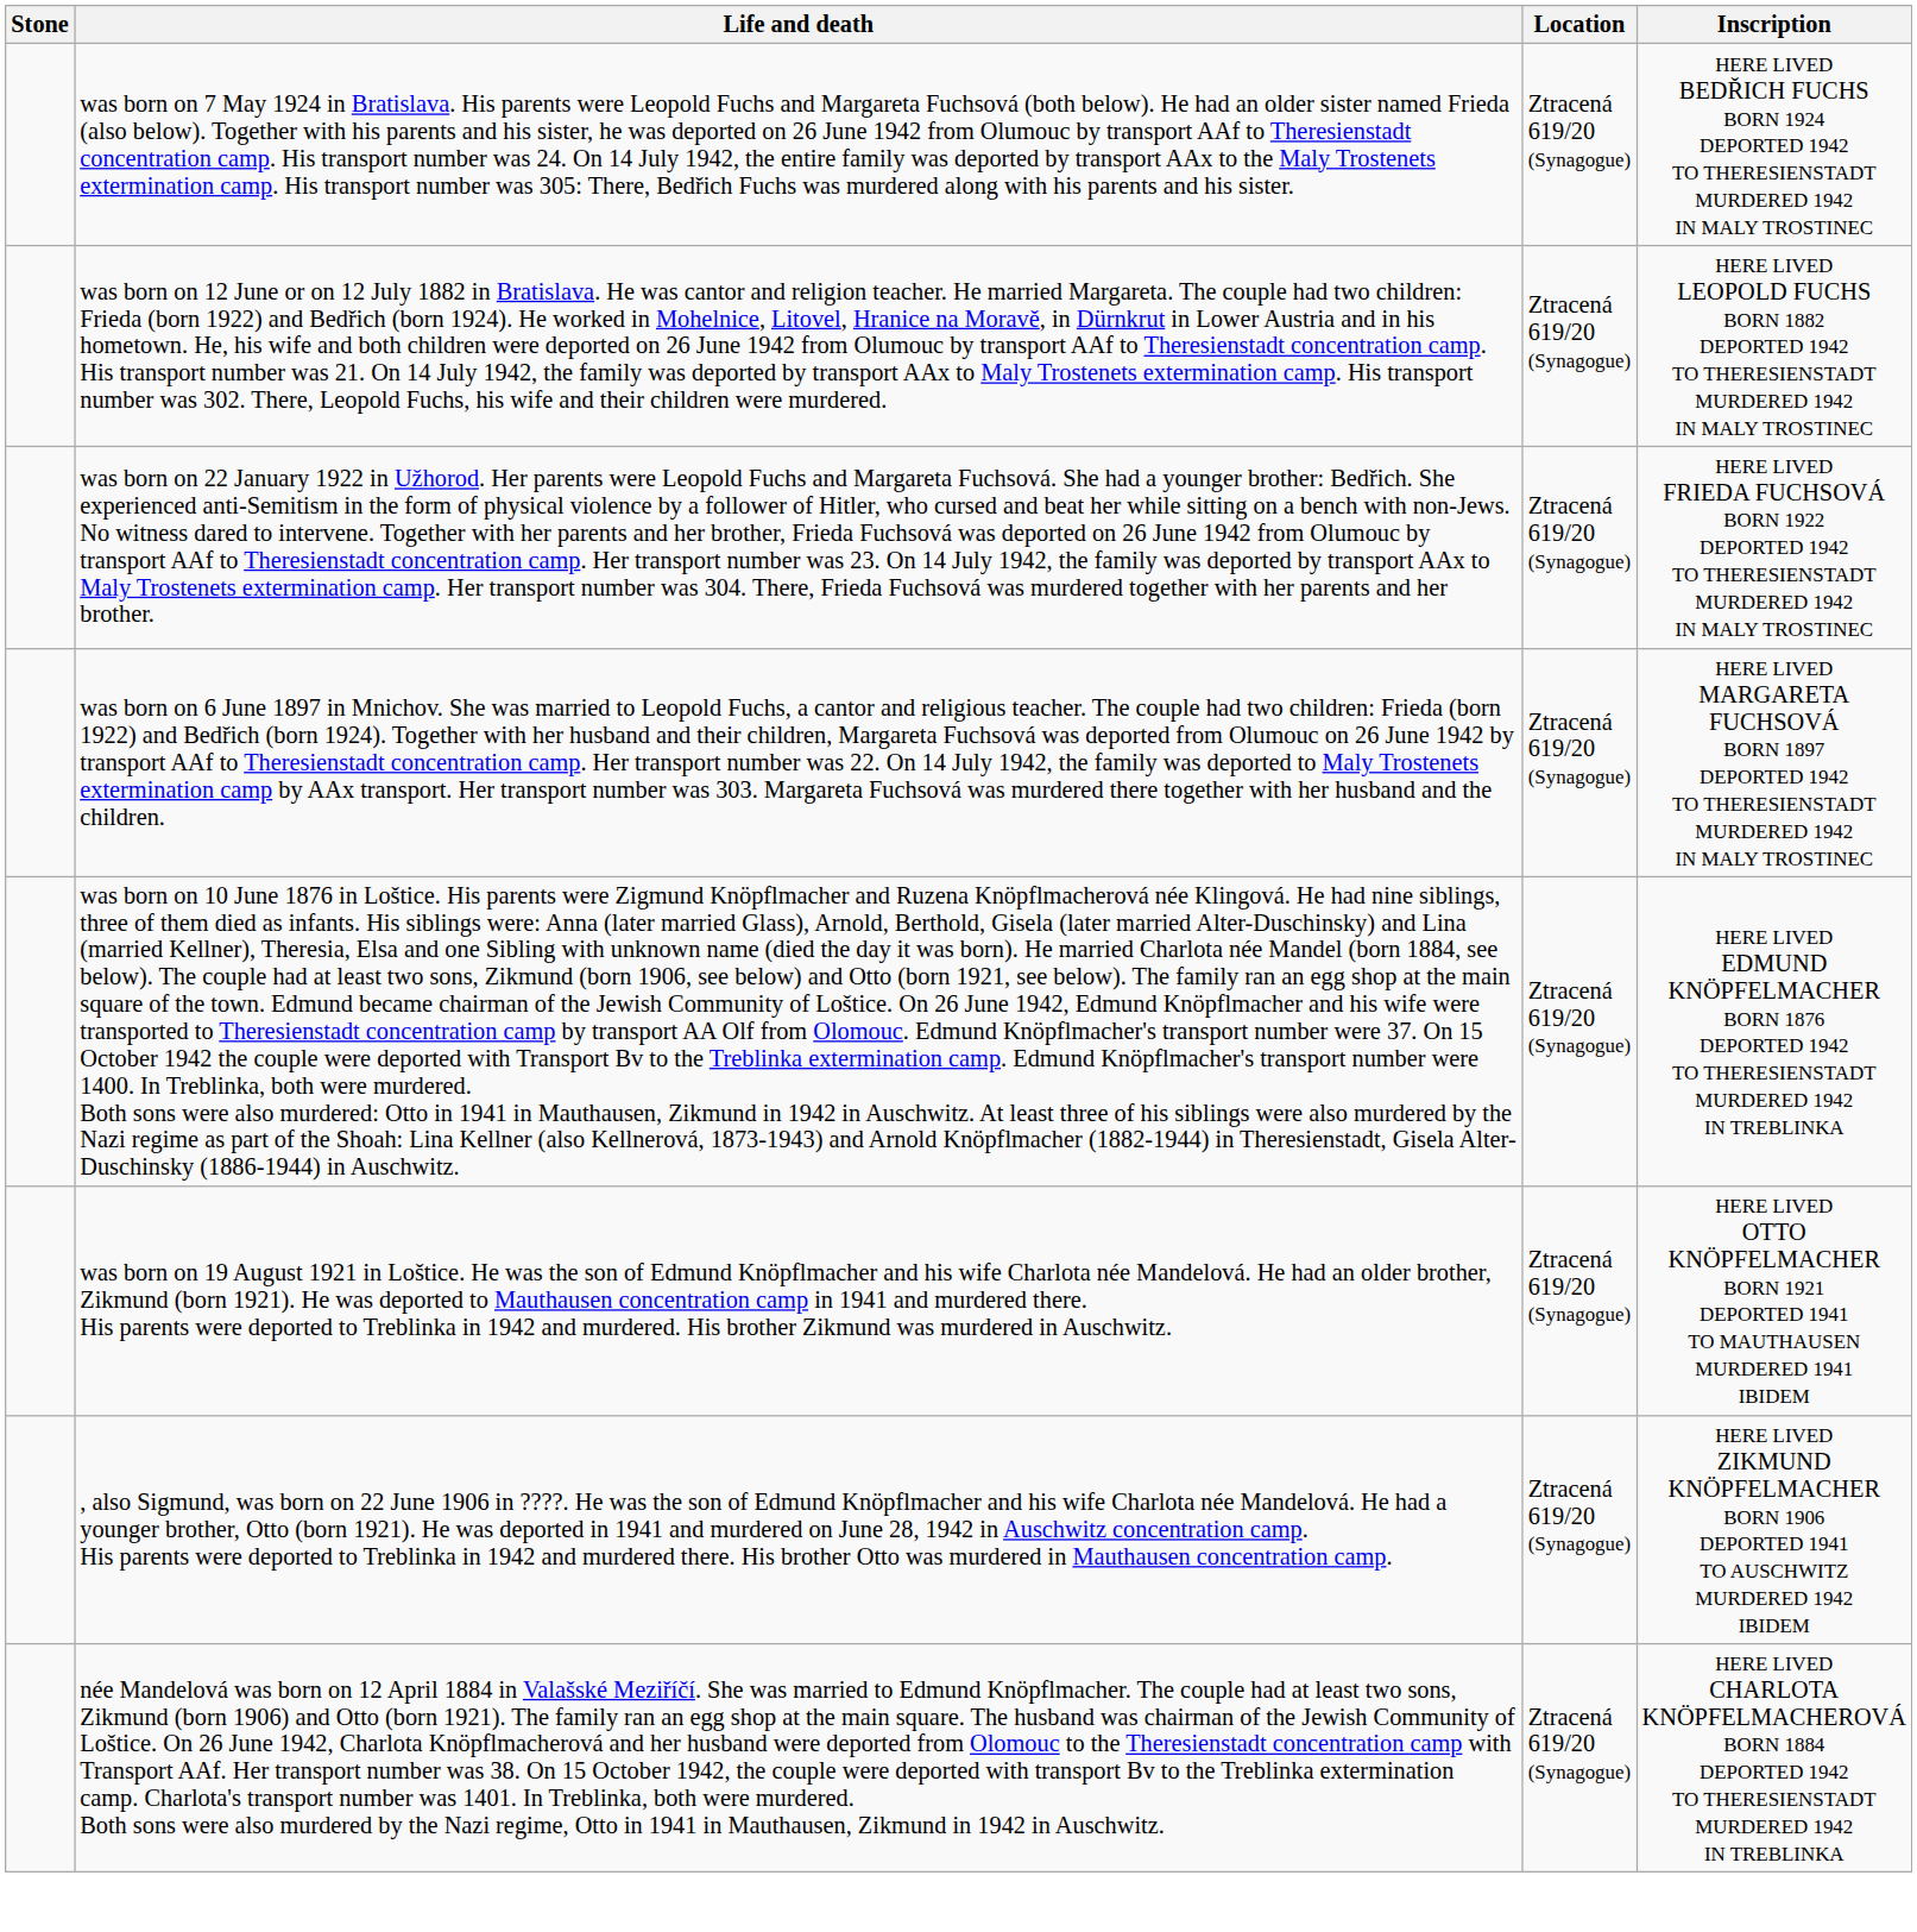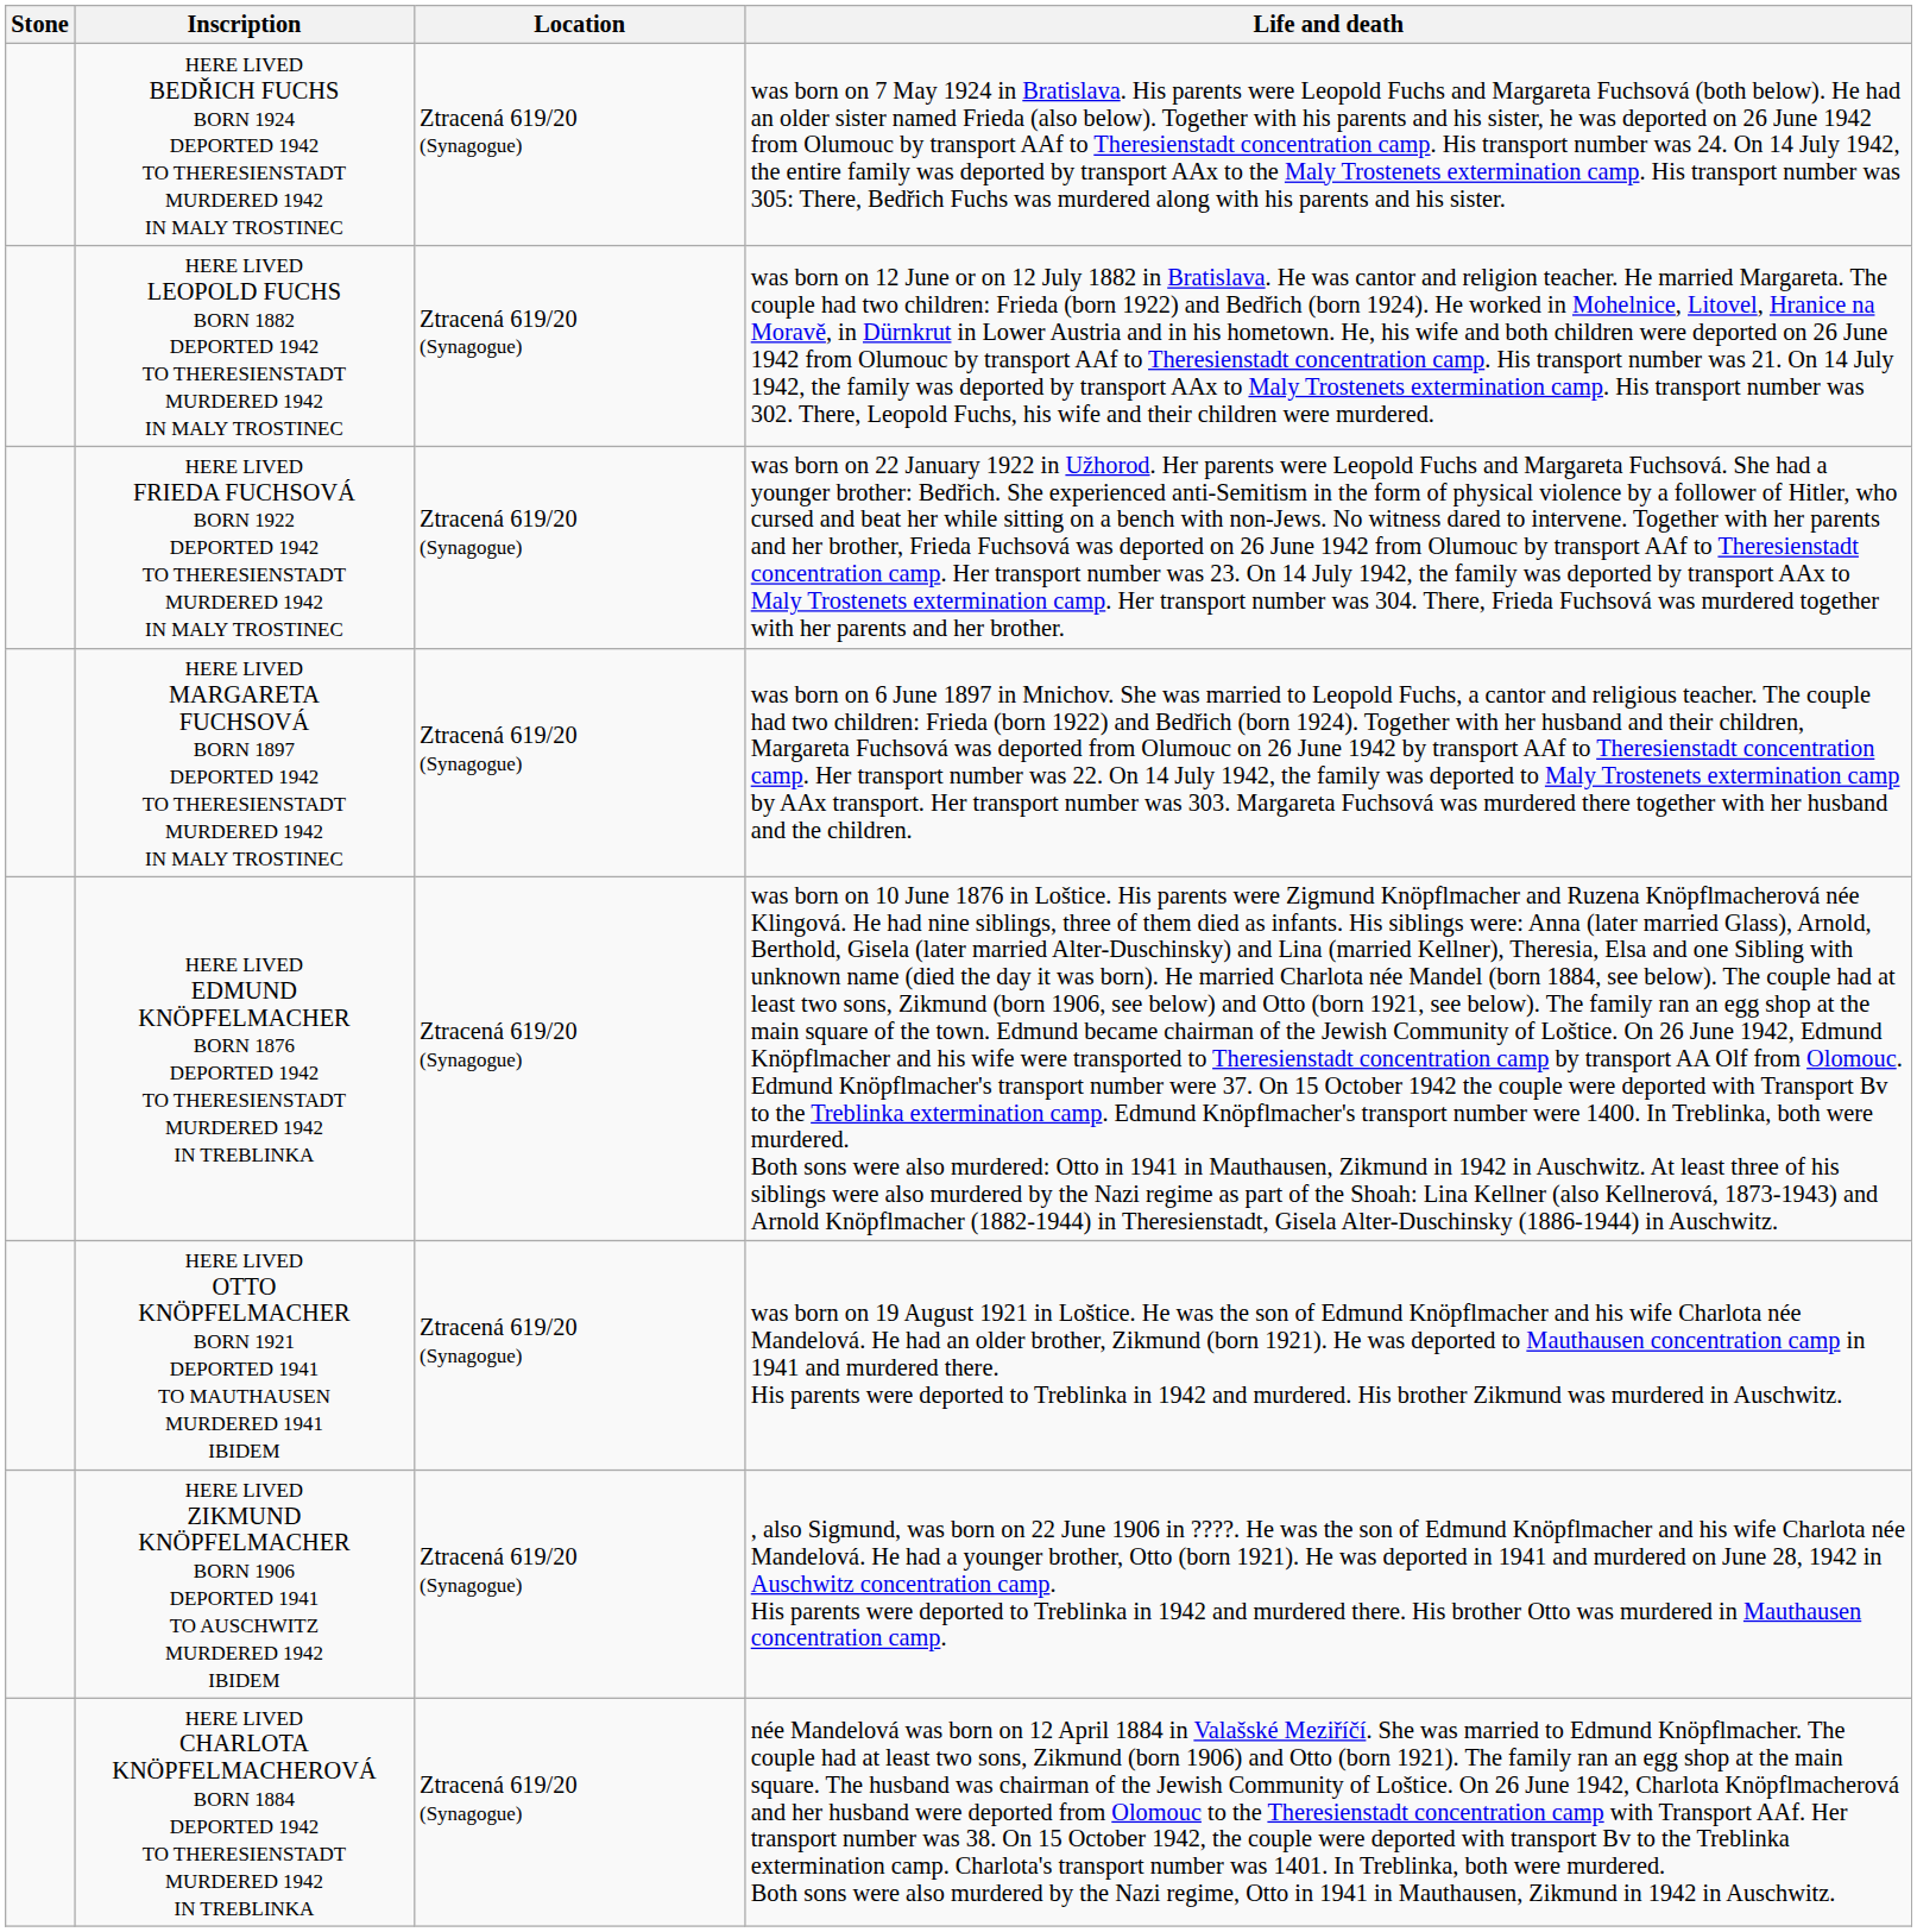 <table class="wikitable sortable toptextcells" style="width:100%">
 <tr>
 <th class="hintergrundfarbe6 unsortable" width="120px">Stone</th>
+<th class="hintergrundfarbe6" style ="width:18%;">Inscription</th>
+<th class="hintergrundfarbe6" data-sort-type="text" style ="width:18%;">Location</th>
 <th class="hintergrundfarbe6" style="width:100%;">Life and death</th>
-<th class="hintergrundfarbe6" data-sort-type="text" style ="width:18%;">Location</th>
-<th class="hintergrundfarbe6" style ="width:18%;">Inscription</th>
 </tr>
 <tr>
 <td></td>
+<td style="text-align:center"><div><small>HERE LIVED</small><br>BEDŘICH FUCHS<br><small>BORN 1924<br>DEPORTED 1942<br>TO THERESIENSTADT<br>MURDERED 1942<br>IN MALY TROSTINEC</small></div></td>
+<td>Ztracená 619/20<br><small>(Synagogue)</small><br><br></td>
 <td><strong></strong> was born on 7 May 1924 in <a href='#'>Bratislava</a>. His parents were Leopold Fuchs and Margareta Fuchsová (both below). He had an older sister named Frieda (also below). Together with his parents and his sister, he was deported on 26 June 1942 from Olumouc by transport AAf to <a href='#'>Theresienstadt concentration camp</a>. His transport number was 24. On 14 July 1942, the entire family was deported by transport AAx to the <a href='#'>Maly Trostenets extermination camp</a>. His transport number was 305: There, Bedřich Fuchs was murdered along with his parents and his sister.</td>
-<td>Ztracená 619/20<br><small>(Synagogue)</small><br><br></td>
-<td style="text-align:center"><div><small>HERE LIVED</small><br>BEDŘICH FUCHS<br><small>BORN 1924<br>DEPORTED 1942<br>TO THERESIENSTADT<br>MURDERED 1942<br>IN MALY TROSTINEC</small></div></td>
 </tr>
 <tr>
 <td></td>
+<td style="text-align:center"><div><small>HERE LIVED</small><br>LEOPOLD FUCHS<br><small>BORN 1882<br>DEPORTED 1942<br>TO THERESIENSTADT<br>MURDERED 1942<br>IN MALY TROSTINEC</small></div></td>
+<td>Ztracená 619/20<br><small>(Synagogue)</small><br><br></td>
 <td><strong></strong> was born on 12 June or on 12 July 1882 in <a href='#'>Bratislava</a>. He was cantor and religion teacher. He married Margareta. The couple had two children: Frieda (born 1922) and Bedřich (born 1924). He worked in <a href='#'>Mohelnice</a>, <a href='#'>Litovel</a>, <a href='#'>Hranice na Moravě</a>, in <a href='#'>Dürnkrut</a> in Lower Austria and in his hometown. He, his wife and both children were deported on 26 June 1942 from Olumouc by transport AAf to <a href='#'>Theresienstadt concentration camp</a>. His transport number was 21. On 14 July 1942, the family was deported by transport AAx to <a href='#'>Maly Trostenets extermination camp</a>. His transport number was 302. There, Leopold Fuchs, his wife and their children were murdered.</td>
-<td>Ztracená 619/20<br><small>(Synagogue)</small><br><br></td>
-<td style="text-align:center"><div><small>HERE LIVED</small><br>LEOPOLD FUCHS<br><small>BORN 1882<br>DEPORTED 1942<br>TO THERESIENSTADT<br>MURDERED 1942<br>IN MALY TROSTINEC</small></div></td>
 </tr>
 <tr>
 <td></td>
+<td style="text-align:center"><div><small>HERE LIVED</small><br>FRIEDA FUCHSOVÁ<br><small>BORN 1922<br>DEPORTED 1942<br>TO THERESIENSTADT<br>MURDERED 1942<br>IN MALY TROSTINEC</small></div></td>
+<td>Ztracená 619/20<br><small>(Synagogue)</small><br><br></td>
 <td><strong></strong> was born on 22 January 1922 in <a href='#'>Užhorod</a>. Her parents were Leopold Fuchs and Margareta Fuchsová. She had a younger brother: Bedřich. She experienced anti-Semitism in the form of physical violence by a follower of Hitler, who cursed and beat her while sitting on a bench with non-Jews. No witness dared to intervene. Together with her parents and her brother, Frieda Fuchsová was deported on 26 June 1942 from Olumouc by transport AAf to  <a href='#'>Theresienstadt concentration camp</a>. Her transport number was 23. On 14 July 1942, the family was deported by transport AAx to <a href='#'>Maly Trostenets extermination camp</a>. Her transport number was 304. There, Frieda Fuchsová was murdered together with her parents and her brother.</td>
-<td>Ztracená 619/20<br><small>(Synagogue)</small><br><br></td>
-<td style="text-align:center"><div><small>HERE LIVED</small><br>FRIEDA FUCHSOVÁ<br><small>BORN 1922<br>DEPORTED 1942<br>TO THERESIENSTADT<br>MURDERED 1942<br>IN MALY TROSTINEC</small></div></td>
 </tr>
 <tr>
 <td></td>
+<td style="text-align:center"><div><small>HERE LIVED</small><br>MARGARETA<br>FUCHSOVÁ<br><small>BORN 1897<br>DEPORTED 1942<br>TO THERESIENSTADT<br>MURDERED 1942<br>IN MALY TROSTINEC</small></div></td>
+<td>Ztracená 619/20<br><small>(Synagogue)</small><br><br></td>
 <td><strong></strong> was born on 6 June 1897 in Mnichov. She was married to Leopold Fuchs, a cantor and religious teacher. The couple had two children: Frieda (born 1922) and Bedřich (born 1924). Together with her husband and their children, Margareta Fuchsová was deported from Olumouc on 26 June 1942 by transport AAf to <a href='#'>Theresienstadt concentration camp</a>. Her transport number was 22. On 14 July 1942, the family was deported to <a href='#'>Maly Trostenets extermination camp</a> by AAx transport. Her transport number was 303. Margareta Fuchsová was murdered there together with her husband and the children.</td>
-<td>Ztracená 619/20<br><small>(Synagogue)</small><br><br></td>
-<td style="text-align:center"><div><small>HERE LIVED</small><br>MARGARETA<br>FUCHSOVÁ<br><small>BORN 1897<br>DEPORTED 1942<br>TO THERESIENSTADT<br>MURDERED 1942<br>IN MALY TROSTINEC</small></div></td>
 </tr>
 <tr>
 <td></td>
+<td style="text-align:center"><div><small>HERE LIVED</small><br>EDMUND<br>KNÖPFELMACHER<br><small>BORN 1876<br>DEPORTED 1942<br>TO THERESIENSTADT<br>MURDERED 1942<br>IN TREBLINKA</small></div></td>
+<td>Ztracená 619/20<br><small>(Synagogue)</small><br><br></td>
 <td><strong></strong> was born on 10 June 1876 in Loštice. His parents were Zigmund Knöpflmacher and Ruzena Knöpflmacherová née Klingová. He had nine siblings, three of them died as infants. His siblings were: Anna (later married Glass), Arnold, Berthold, Gisela (later married Alter-Duschinsky) and Lina (married Kellner), Theresia, Elsa and one Sibling with unknown name (died the day it was born). He married Charlota née Mandel (born 1884, see below). The couple had at least two sons, Zikmund (born 1906, see below) and Otto (born 1921, see below). The family ran an egg shop at the main square of the town. Edmund became chairman of the Jewish Community of Loštice. On 26 June 1942, Edmund Knöpflmacher and his wife were transported to <a href='#'>Theresienstadt concentration camp</a> by transport AA Olf from <a href='#'>Olomouc</a>. Edmund Knöpflmacher's transport number were 37. On 15 October 1942 the couple were deported with Transport Bv to the <a href='#'>Treblinka extermination camp</a>. Edmund Knöpflmacher's transport number were 1400. In Treblinka, both were murdered.<br>Both sons were also murdered: Otto in 1941 in Mauthausen, Zikmund in 1942 in Auschwitz. At least three of his siblings were also murdered by the Nazi regime as part of the Shoah: Lina Kellner (also Kellnerová, 1873-1943) and Arnold Knöpflmacher (1882-1944) in Theresienstadt, Gisela Alter-Duschinsky (1886-1944) in Auschwitz.</td>
-<td>Ztracená 619/20<br><small>(Synagogue)</small><br><br></td>
-<td style="text-align:center"><div><small>HERE LIVED</small><br>EDMUND<br>KNÖPFELMACHER<br><small>BORN 1876<br>DEPORTED 1942<br>TO THERESIENSTADT<br>MURDERED 1942<br>IN TREBLINKA</small></div></td>
 </tr>
 <tr>
 <td></td>
+<td style="text-align:center"><div><small>HERE LIVED</small><br>OTTO<br>KNÖPFELMACHER<br><small>BORN 1921<br>DEPORTED 1941<br>TO MAUTHAUSEN<br>MURDERED 1941<br>IBIDEM</small></div></td>
+<td>Ztracená 619/20<br><small>(Synagogue)</small><br><br></td>
 <td><strong></strong> was born on 19 August 1921 in Loštice. He was the son of Edmund Knöpflmacher and his wife Charlota née Mandelová. He had an older brother, Zikmund (born 1921). He was deported to <a href='#'>Mauthausen concentration camp</a> in 1941 and murdered there.<br>His parents were deported to Treblinka in 1942 and murdered. His brother Zikmund was murdered in Auschwitz.</td>
-<td>Ztracená 619/20<br><small>(Synagogue)</small><br><br></td>
-<td style="text-align:center"><div><small>HERE LIVED</small><br>OTTO<br>KNÖPFELMACHER<br><small>BORN 1921<br>DEPORTED 1941<br>TO MAUTHAUSEN<br>MURDERED 1941<br>IBIDEM</small></div></td>
 </tr>
 <tr>
 <td></td>
+<td style="text-align:center"><div><small>HERE LIVED</small><br>ZIKMUND<br>KNÖPFELMACHER<br><small>BORN 1906<br>DEPORTED 1941<br>TO AUSCHWITZ<br>MURDERED 1942<br>IBIDEM</small></div></td>
+<td>Ztracená 619/20<br><small>(Synagogue)</small><br><br></td>
 <td><strong></strong>, also Sigmund, was born on 22 June 1906 in ????. He was the son of Edmund Knöpflmacher and his wife Charlota née Mandelová. He had a younger brother, Otto (born 1921). He was deported in 1941 and murdered on June 28, 1942 in <a href='#'>Auschwitz concentration camp</a>.<br>His parents were deported to Treblinka in 1942 and murdered there. His brother Otto was murdered in <a href='#'>Mauthausen concentration camp</a>.</td>
-<td>Ztracená 619/20<br><small>(Synagogue)</small><br><br></td>
-<td style="text-align:center"><div><small>HERE LIVED</small><br>ZIKMUND<br>KNÖPFELMACHER<br><small>BORN 1906<br>DEPORTED 1941<br>TO AUSCHWITZ<br>MURDERED 1942<br>IBIDEM</small></div></td>
 </tr>
 <tr>
 <td></td>
+<td style="text-align:center"><div><small>HERE LIVED</small><br>CHARLOTA<br>KNÖPFELMACHEROVÁ<br><small>BORN 1884<br>DEPORTED 1942<br>TO THERESIENSTADT<br>MURDERED 1942<br>IN TREBLINKA</small></div></td>
+<td>Ztracená 619/20<br><small>(Synagogue)</small><br><br></td>
 <td><strong></strong> née Mandelová was born on 12 April 1884 in <a href='#'>Valašské Meziříčí</a>. She was married to Edmund Knöpflmacher. The couple had at least two sons, Zikmund (born 1906) and Otto (born 1921). The family ran an egg shop at the main square. The husband was chairman of the Jewish Community of Loštice. On 26 June 1942, Charlota Knöpflmacherová and her husband were deported from <a href='#'>Olomouc</a> to the <a href='#'>Theresienstadt concentration camp</a> with Transport AAf. Her transport number was 38. On 15 October 1942, the couple were deported with transport Bv to the Treblinka extermination camp. Charlota's transport number was 1401. In Treblinka, both were murdered.<br>Both sons were also murdered by the Nazi regime, Otto in 1941 in Mauthausen, Zikmund in 1942 in Auschwitz.</td>
-<td>Ztracená 619/20<br><small>(Synagogue)</small><br><br></td>
-<td style="text-align:center"><div><small>HERE LIVED</small><br>CHARLOTA<br>KNÖPFELMACHEROVÁ<br><small>BORN 1884<br>DEPORTED 1942<br>TO THERESIENSTADT<br>MURDERED 1942<br>IN TREBLINKA</small></div></td>
 </tr>
 </table>
